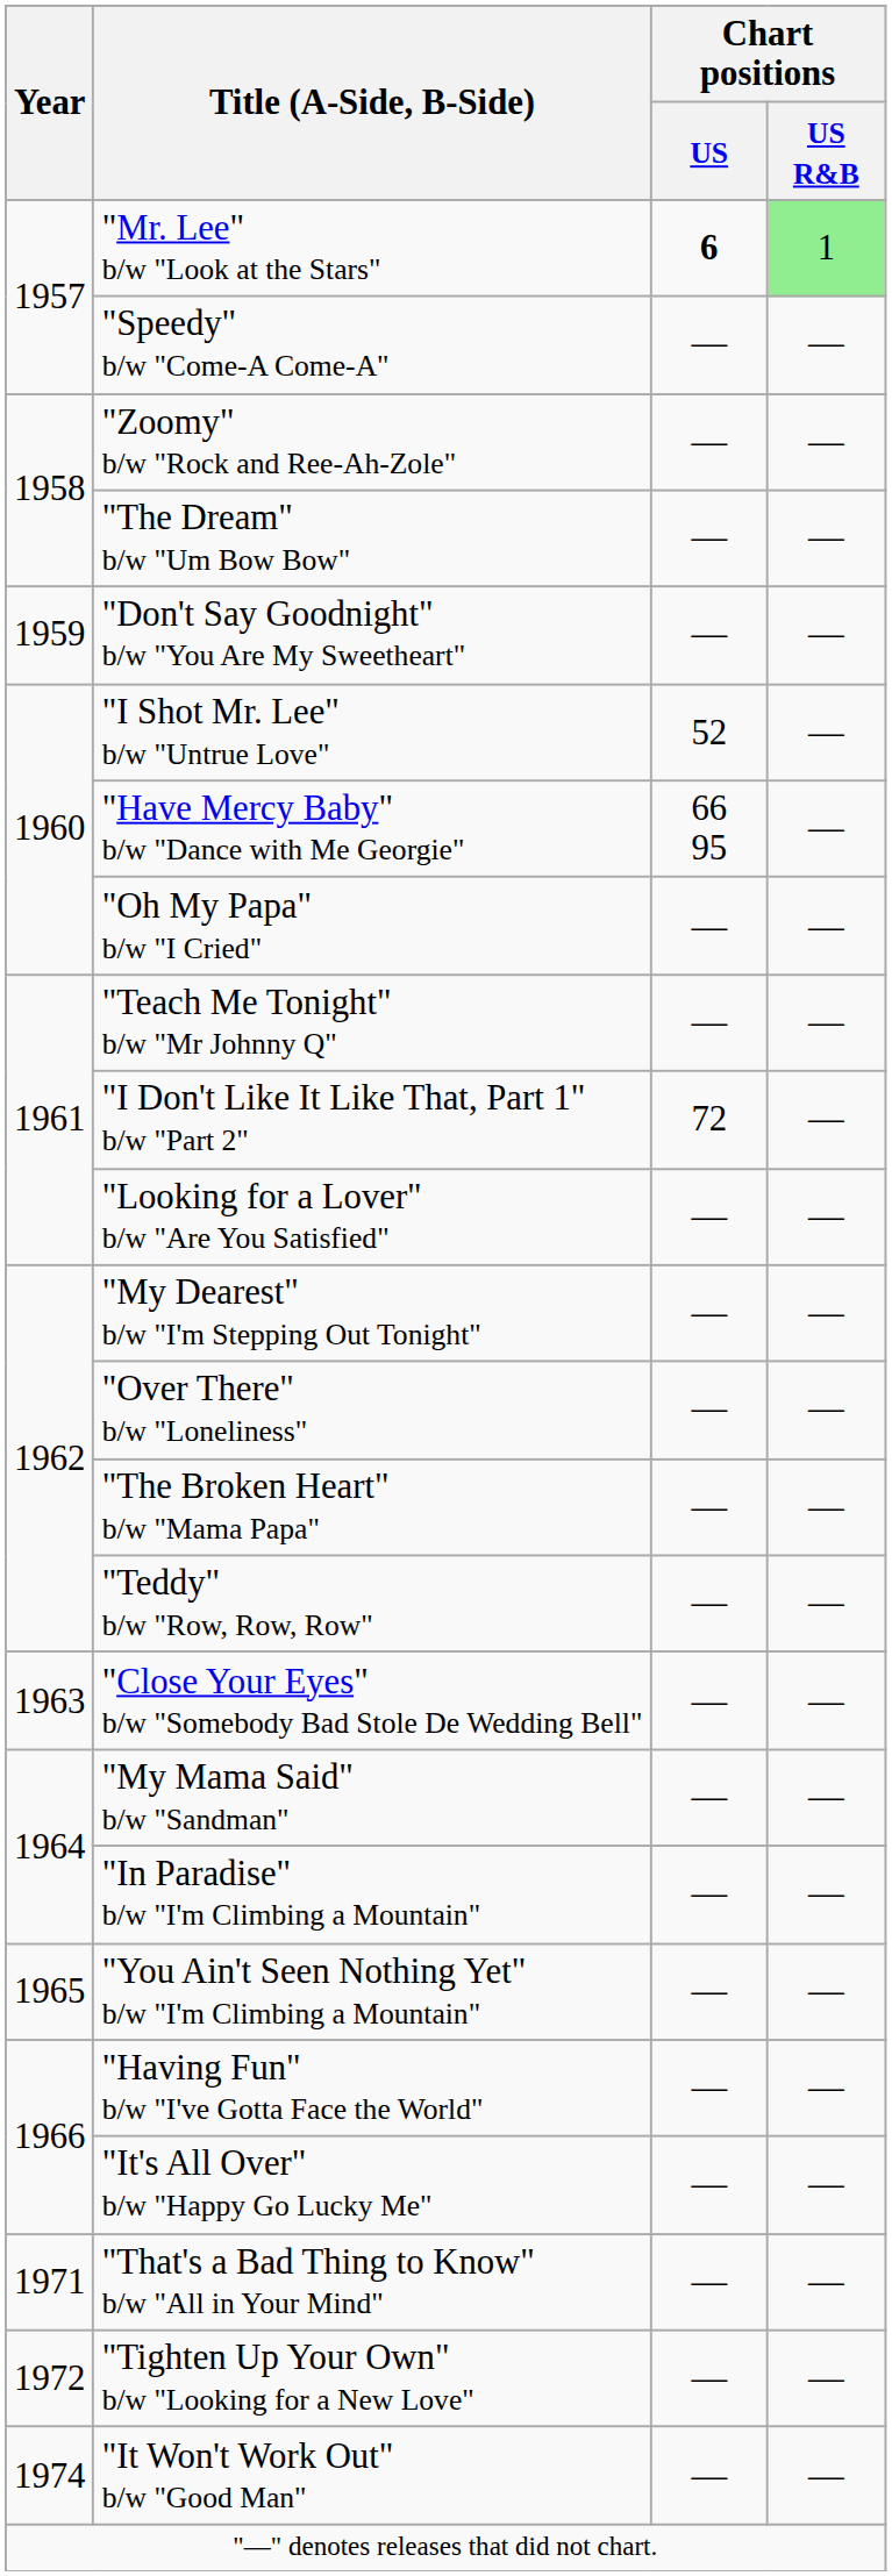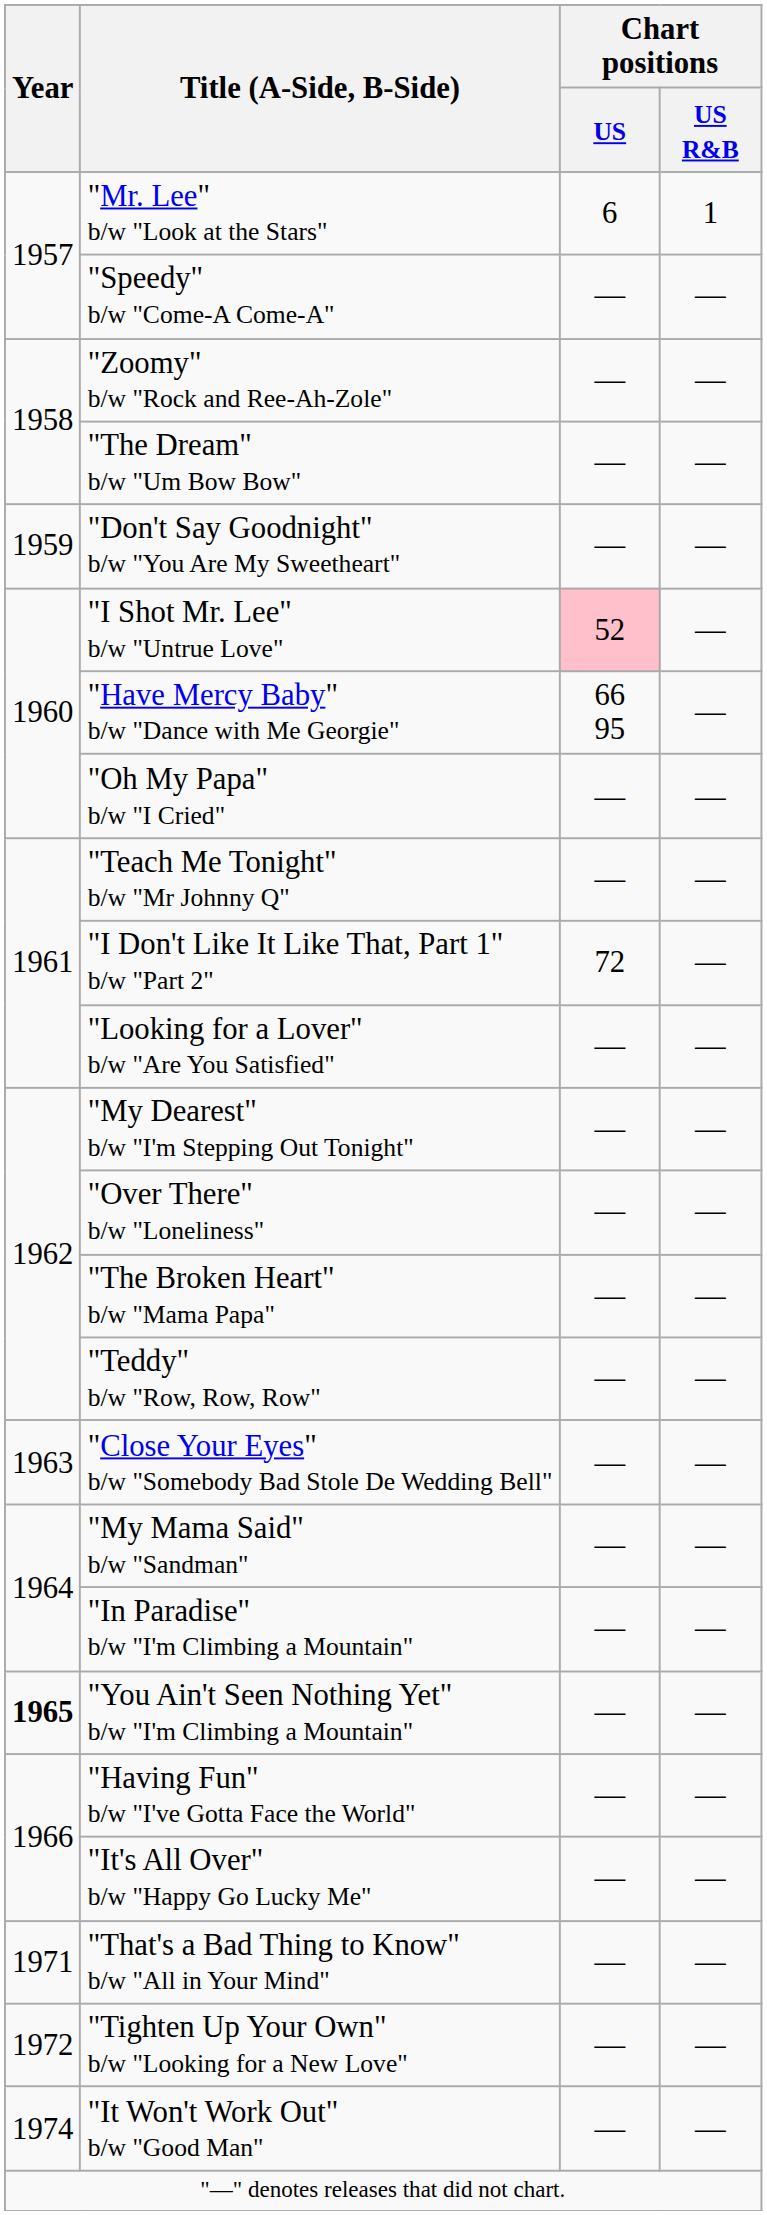 <table class="wikitable">
 <tr>
 <th rowspan="2">Year</th>
 <th rowspan="2">Title (A-Side, B-Side)</th>
 <th colspan="2">Chart positions</th>
 </tr>
 <tr>
 <th width="45"><small><a href='#'>US</a></small><br></th>
 <th width="45"><small><a href='#'>US R&B</a></small><br></th>
 </tr>
 <tr>
 <td rowspan="2">1957</td>
 <td>"<a href='#'>Mr. Lee</a>" <br><small>b/w "Look at the Stars"</small></td>
-<td style="text-align:center;"><strong>6</strong></td>
-<td style="background: lightgreen; text-align:center;">1</td>
+<td style="text-align:center;">6</td>
+<td style="text-align:center;">1</td>
 </tr>
 <tr>
 <td>"Speedy" <br><small>b/w "Come-A Come-A"</small></td>
 <td style="text-align:center;">—</td>
 <td style="text-align:center;">—</td>
 </tr>
 <tr>
 <td rowspan="2">1958</td>
 <td>"Zoomy" <br><small>b/w "Rock and Ree-Ah-Zole"</small></td>
 <td style="text-align:center;">—</td>
 <td style="text-align:center;">—</td>
 </tr>
 <tr>
 <td>"The Dream" <br><small>b/w "Um Bow Bow"</small></td>
 <td style="text-align:center;">—</td>
 <td style="text-align:center;">—</td>
 </tr>
 <tr>
 <td>1959</td>
 <td>"Don't Say Goodnight" <br><small>b/w "You Are My Sweetheart"</small></td>
 <td style="text-align:center;">—</td>
 <td style="text-align:center;">—</td>
 </tr>
 <tr>
 <td rowspan="3">1960</td>
 <td>"I Shot Mr. Lee" <br><small>b/w "Untrue Love"</small></td>
-<td style="text-align:center;">52</td>
+<td style="background: pink; text-align:center;">52</td>
 <td style="text-align:center;">—</td>
 </tr>
 <tr>
 <td>"<a href='#'>Have Mercy Baby</a>" <br><small>b/w "Dance with Me Georgie"</small></td>
 <td style="text-align:center;">66 <br>95</td>
 <td style="text-align:center;">—</td>
 </tr>
 <tr>
 <td>"Oh My Papa" <br><small>b/w "I Cried"</small></td>
 <td style="text-align:center;">—</td>
 <td style="text-align:center;">—</td>
 </tr>
 <tr>
 <td rowspan="3">1961</td>
 <td>"Teach Me Tonight" <br><small>b/w "Mr Johnny Q"</small></td>
 <td style="text-align:center;">—</td>
 <td style="text-align:center;">—</td>
 </tr>
 <tr>
 <td>"I Don't Like It Like That, Part 1" <br><small>b/w "Part 2"</small></td>
 <td style="text-align:center;">72</td>
 <td style="text-align:center;">—</td>
 </tr>
 <tr>
 <td>"Looking for a Lover" <br><small>b/w "Are You Satisfied"</small></td>
 <td style="text-align:center;">—</td>
 <td style="text-align:center;">—</td>
 </tr>
 <tr>
 <td rowspan="4">1962</td>
 <td>"My Dearest" <br><small>b/w "I'm Stepping Out Tonight"</small></td>
 <td style="text-align:center;">—</td>
 <td style="text-align:center;">—</td>
 </tr>
 <tr>
 <td>"Over There" <br><small>b/w "Loneliness"</small></td>
 <td style="text-align:center;">—</td>
 <td style="text-align:center;">—</td>
 </tr>
 <tr>
 <td>"The Broken Heart" <br><small>b/w "Mama Papa"</small></td>
 <td style="text-align:center;">—</td>
 <td style="text-align:center;">—</td>
 </tr>
 <tr>
 <td>"Teddy" <br><small>b/w "Row, Row, Row"</small></td>
 <td style="text-align:center;">—</td>
 <td style="text-align:center;">—</td>
 </tr>
 <tr>
 <td rowspan="1">1963</td>
 <td>"<a href='#'>Close Your Eyes</a>" <br><small>b/w "Somebody Bad Stole De Wedding Bell"</small></td>
 <td style="text-align:center;">—</td>
 <td style="text-align:center;">—</td>
 </tr>
 <tr>
 <td rowspan="2">1964</td>
 <td>"My Mama Said" <br><small>b/w "Sandman"</small></td>
 <td style="text-align:center;">—</td>
 <td style="text-align:center;">—</td>
 </tr>
 <tr>
 <td>"In Paradise" <br><small>b/w "I'm Climbing a Mountain"</small></td>
 <td style="text-align:center;">—</td>
 <td style="text-align:center;">—</td>
 </tr>
 <tr>
-<td rowspan="1">1965</td>
+<td rowspan="1"><strong>1965</strong></td>
 <td>"You Ain't Seen Nothing Yet" <br><small>b/w "I'm Climbing a Mountain"</small></td>
 <td style="text-align:center;">—</td>
 <td style="text-align:center;">—</td>
 </tr>
 <tr>
 <td rowspan="2">1966</td>
 <td>"Having Fun" <br><small>b/w "I've Gotta Face the World"</small></td>
 <td style="text-align:center;">—</td>
 <td style="text-align:center;">—</td>
 </tr>
 <tr>
 <td>"It's All Over" <br><small>b/w "Happy Go Lucky Me"</small></td>
 <td style="text-align:center;">—</td>
 <td style="text-align:center;">—</td>
 </tr>
 <tr>
 <td rowspan="1">1971</td>
 <td>"That's a Bad Thing to Know" <br><small>b/w "All in Your Mind"</small></td>
 <td style="text-align:center;">—</td>
 <td style="text-align:center;">—</td>
 </tr>
 <tr>
 <td rowspan="1">1972</td>
 <td>"Tighten Up Your Own" <br><small>b/w "Looking for a New Love"</small></td>
 <td style="text-align:center;">—</td>
 <td style="text-align:center;">—</td>
 </tr>
 <tr>
 <td rowspan="1">1974</td>
 <td>"It Won't Work Out" <br><small>b/w "Good Man"</small></td>
 <td style="text-align:center;">—</td>
 <td style="text-align:center;">—</td>
 </tr>
 <tr>
 <td colspan="6" style="text-align:center; font-size:9pt;">"—" denotes releases that did not chart.</td>
 </tr>
 </table>
